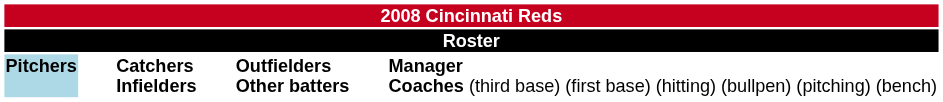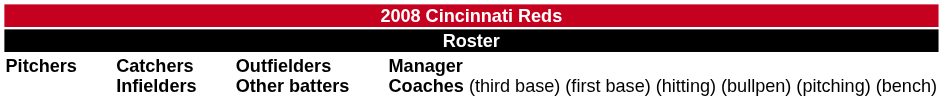 <table class="toccolours" style="font-size: 95%;">
 <tr>
 <th colspan="10" style="background-color: #c6011f; color: #FFFFFF; text-align: center;">2008 Cincinnati Reds</th>
 </tr>
 <tr>
 <td colspan="10" style="background-color: black; color: #FFFFFF; text-align: center;"><strong>Roster</strong></td>
 </tr>
 <tr>
-<td valign="top" style="background: lightblue;"><strong>Pitchers</strong><br>                      </td>
+<td valign="top"><strong>Pitchers</strong><br>                      </td>
 <td width="25px"></td>
 <td valign="top"><strong>Catchers</strong><br>    <strong>Infielders</strong>           </td>
 <td width="25px"></td>
 <td valign="top"><strong>Outfielders</strong><br>         <strong>Other batters</strong> </td>
 <td width="25px"></td>
 <td valign="top"><strong>Manager</strong><br> <strong>Coaches</strong>  (third base)  (first base)  (hitting)  (bullpen)  (pitching)  (bench)</td>
 </tr>
 </table>
